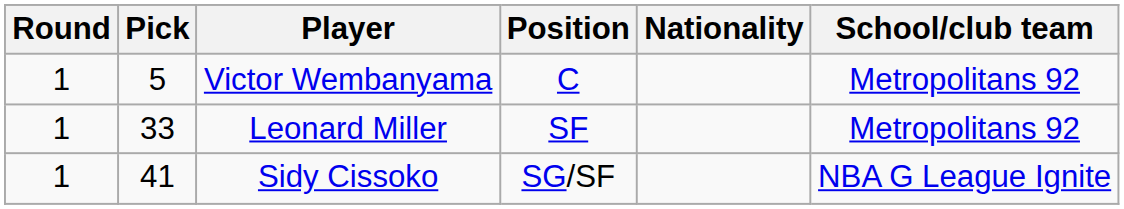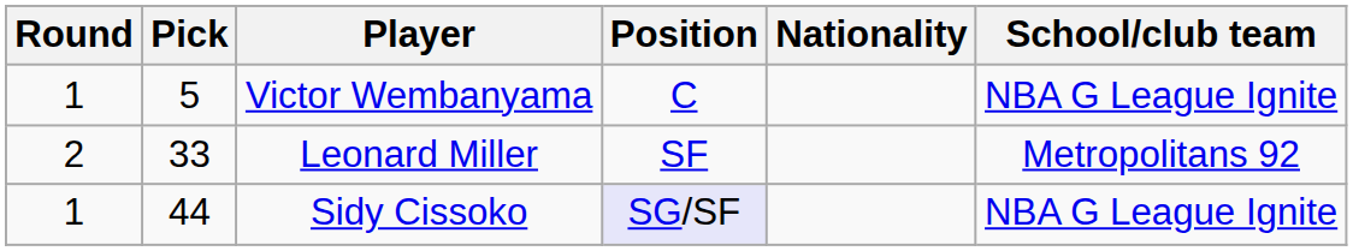 <table class="wikitable sortable sortable"  style="text-align: center">
 <tr>
 <th>Round</th>
 <th>Pick</th>
 <th>Player</th>
 <th>Position</th>
 <th>Nationality</th>
 <th>School/club team</th>
 </tr>
 <tr style="text-align: center">
 <td>1</td>
 <td>5</td>
 <td><a href='#'>Victor Wembanyama</a></td>
 <td><a href='#'>C</a></td>
 <td></td>
-<td><a href='#'>Metropolitans 92</a> </td>
+<td><a href='#'>NBA G League Ignite</a> </td>
 </tr>
 <tr style="text-align: center">
-<td>1</td>
+<td>2</td>
 <td>33</td>
 <td><a href='#'>Leonard Miller</a></td>
 <td><a href='#'>SF</a></td>
 <td></td>
 <td><a href='#'>Metropolitans 92</a> </td>
 </tr>
 <tr style="text-align: center">
 <td>1</td>
-<td>41</td>
+<td>44</td>
 <td><a href='#'>Sidy Cissoko</a></td>
-<td><a href='#'>SG</a>/SF</td>
+<td style="background: lavender;"><a href='#'>SG</a>/SF</td>
 <td></td>
 <td><a href='#'>NBA G League Ignite</a> </td>
 </tr>
 </table>
